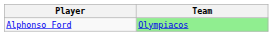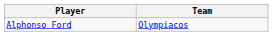 <table class="wikitable" style="text-align:left">
 <tr>
 <th style="width:200px;">Player</th>
 <th style="width:200px;">Team</th>
 </tr>
 <tr>
 <td> <a href='#'>Alphonso Ford</a></td>
-<td style="background: lightgreen;"> <a href='#'>Olympiacos</a></td>
+<td> <a href='#'>Olympiacos</a></td>
 </tr>
 </table>
